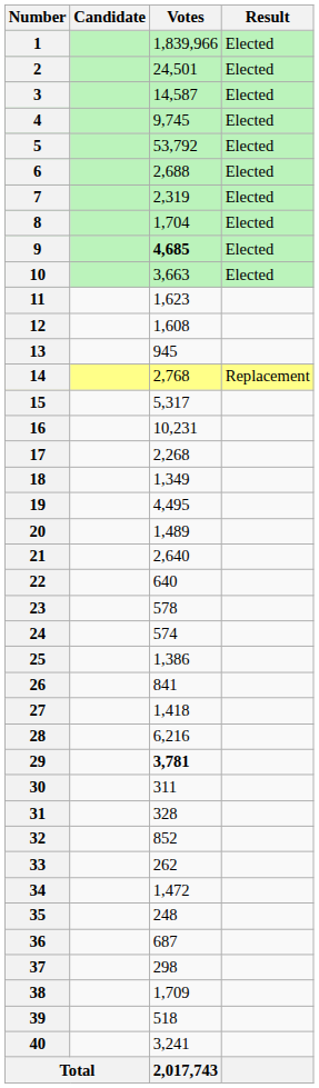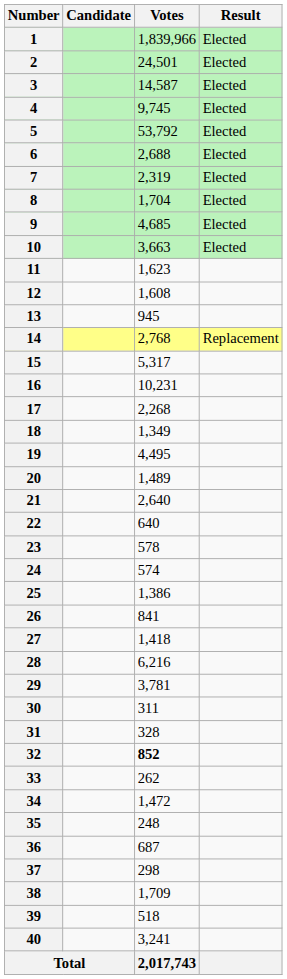 <table class="wikitable sortable col3right">
 <tr>
 <th scope="col">Number</th>
 <th scope="col">Candidate</th>
 <th scope="col">Votes</th>
 <th scope="col">Result</th>
 </tr>
 <tr bgcolor=bbf3bb>
 <th scope="row">1</th>
 <td></td>
 <td>1,839,966</td>
 <td>Elected</td>
 </tr>
 <tr bgcolor=bbf3bb>
 <th scope="row">2</th>
 <td></td>
 <td>24,501</td>
 <td>Elected</td>
 </tr>
 <tr bgcolor=bbf3bb>
 <th scope="row">3</th>
 <td></td>
 <td>14,587</td>
 <td>Elected</td>
 </tr>
 <tr bgcolor=bbf3bb>
 <th scope="row">4</th>
 <td></td>
 <td>9,745</td>
 <td>Elected</td>
 </tr>
 <tr bgcolor=bbf3bb>
 <th scope="row">5</th>
 <td></td>
 <td>53,792</td>
 <td>Elected</td>
 </tr>
 <tr bgcolor=bbf3bb>
 <th scope="row">6</th>
 <td></td>
 <td>2,688</td>
 <td>Elected</td>
 </tr>
 <tr bgcolor=bbf3bb>
 <th scope="row">7</th>
 <td></td>
 <td>2,319</td>
 <td>Elected</td>
 </tr>
 <tr bgcolor=bbf3bb>
 <th scope="row">8</th>
 <td></td>
 <td>1,704</td>
 <td>Elected</td>
 </tr>
 <tr bgcolor=bbf3bb>
 <th scope="row">9</th>
 <td></td>
-<td><strong>4,685</strong></td>
+<td>4,685</td>
 <td>Elected</td>
 </tr>
 <tr bgcolor=bbf3bb>
 <th scope="row">10</th>
 <td></td>
 <td>3,663</td>
 <td>Elected</td>
 </tr>
 <tr>
 <th scope="row">11</th>
 <td></td>
 <td>1,623</td>
 <td></td>
 </tr>
 <tr>
 <th scope="row">12</th>
 <td></td>
 <td>1,608</td>
 <td></td>
 </tr>
 <tr>
 <th scope="row">13</th>
 <td></td>
 <td>945</td>
 <td></td>
 </tr>
 <tr bgcolor=#FF8>
 <th scope="row">14</th>
 <td></td>
 <td>2,768</td>
 <td>Replacement</td>
 </tr>
 <tr>
 <th scope="row">15</th>
 <td></td>
 <td>5,317</td>
 <td></td>
 </tr>
 <tr>
 <th scope="row">16</th>
 <td></td>
 <td>10,231</td>
 <td></td>
 </tr>
 <tr>
 <th scope="row">17</th>
 <td></td>
 <td>2,268</td>
 <td></td>
 </tr>
 <tr>
 <th scope="row">18</th>
 <td></td>
 <td>1,349</td>
 <td></td>
 </tr>
 <tr>
 <th scope="row">19</th>
 <td></td>
 <td>4,495</td>
 <td></td>
 </tr>
 <tr>
 <th scope="row">20</th>
 <td></td>
 <td>1,489</td>
 <td></td>
 </tr>
 <tr>
 <th scope="row">21</th>
 <td></td>
 <td>2,640</td>
 <td></td>
 </tr>
 <tr>
 <th scope="row">22</th>
 <td></td>
 <td>640</td>
 <td></td>
 </tr>
 <tr>
 <th scope="row">23</th>
 <td></td>
 <td>578</td>
 <td></td>
 </tr>
 <tr>
 <th scope="row">24</th>
 <td></td>
 <td>574</td>
 <td></td>
 </tr>
 <tr>
 <th scope="row">25</th>
 <td></td>
 <td>1,386</td>
 <td></td>
 </tr>
 <tr>
 <th scope="row">26</th>
 <td></td>
 <td>841</td>
 <td></td>
 </tr>
 <tr>
 <th scope="row">27</th>
 <td></td>
 <td>1,418</td>
 <td></td>
 </tr>
 <tr>
 <th scope="row">28</th>
 <td></td>
 <td>6,216</td>
 <td></td>
 </tr>
 <tr>
 <th scope="row">29</th>
 <td></td>
-<td><strong>3,781</strong></td>
+<td>3,781</td>
 <td></td>
 </tr>
 <tr>
 <th scope="row">30</th>
 <td></td>
 <td>311</td>
 <td></td>
 </tr>
 <tr>
 <th scope="row">31</th>
 <td></td>
 <td>328</td>
 <td></td>
 </tr>
 <tr>
 <th scope="row">32</th>
 <td></td>
-<td>852</td>
+<td><strong>852</strong></td>
 <td></td>
 </tr>
 <tr>
 <th scope="row">33</th>
 <td></td>
 <td>262</td>
 <td></td>
 </tr>
 <tr>
 <th scope="row">34</th>
 <td></td>
 <td>1,472</td>
 <td></td>
 </tr>
 <tr>
 <th scope="row">35</th>
 <td></td>
 <td>248</td>
 <td></td>
 </tr>
 <tr>
 <th scope="row">36</th>
 <td></td>
 <td>687</td>
 <td></td>
 </tr>
 <tr>
 <th scope="row">37</th>
 <td></td>
 <td>298</td>
 <td></td>
 </tr>
 <tr>
 <th scope="row">38</th>
 <td></td>
 <td>1,709</td>
 <td></td>
 </tr>
 <tr>
 <th scope="row">39</th>
 <td></td>
 <td>518</td>
 <td></td>
 </tr>
 <tr>
 <th scope="row">40</th>
 <td></td>
 <td>3,241</td>
 <td></td>
 </tr>
 <tr class="sortbottom">
 <th scope="row" colspan="2">Total</th>
 <th style="text-align:right">2,017,743</th>
 <th></th>
 </tr>
 </table>
